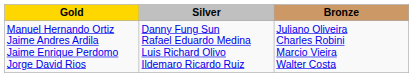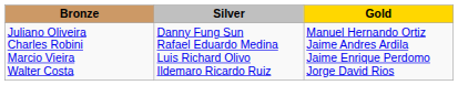 <table class="wikitable" style="text-align:left">
 <tr align="center">
+<td width=200 bgcolor=CC9966><strong>Bronze</strong></td>
+<td width=200 bgcolor=silver><strong>Silver</strong></td>
 <td width=200 bgcolor=gold><strong>Gold</strong></td>
-<td width=200 bgcolor=silver><strong>Silver</strong></td>
-<td width=200 bgcolor=CC9966><strong>Bronze</strong></td>
 </tr>
 <tr>
+<td><a href='#'>Juliano Oliveira</a><br><a href='#'>Charles Robini</a><br><a href='#'>Marcio Vieira</a><br><a href='#'>Walter Costa</a><br><em></em></td>
+<td><a href='#'>Danny Fung Sun</a><br><a href='#'>Rafael Eduardo Medina</a><br><a href='#'>Luis Richard Olivo</a><br><a href='#'>Ildemaro Ricardo Ruiz</a><br><em></em></td>
 <td><a href='#'>Manuel Hernando Ortiz</a><br><a href='#'>Jaime Andres Ardila</a><br><a href='#'>Jaime Enrique Perdomo</a><br><a href='#'>Jorge David Rios</a><br><em></em></td>
-<td><a href='#'>Danny Fung Sun</a><br><a href='#'>Rafael Eduardo Medina</a><br><a href='#'>Luis Richard Olivo</a><br><a href='#'>Ildemaro Ricardo Ruiz</a><br><em></em></td>
-<td><a href='#'>Juliano Oliveira</a><br><a href='#'>Charles Robini</a><br><a href='#'>Marcio Vieira</a><br><a href='#'>Walter Costa</a><br><em></em></td>
 </tr>
 </table>
